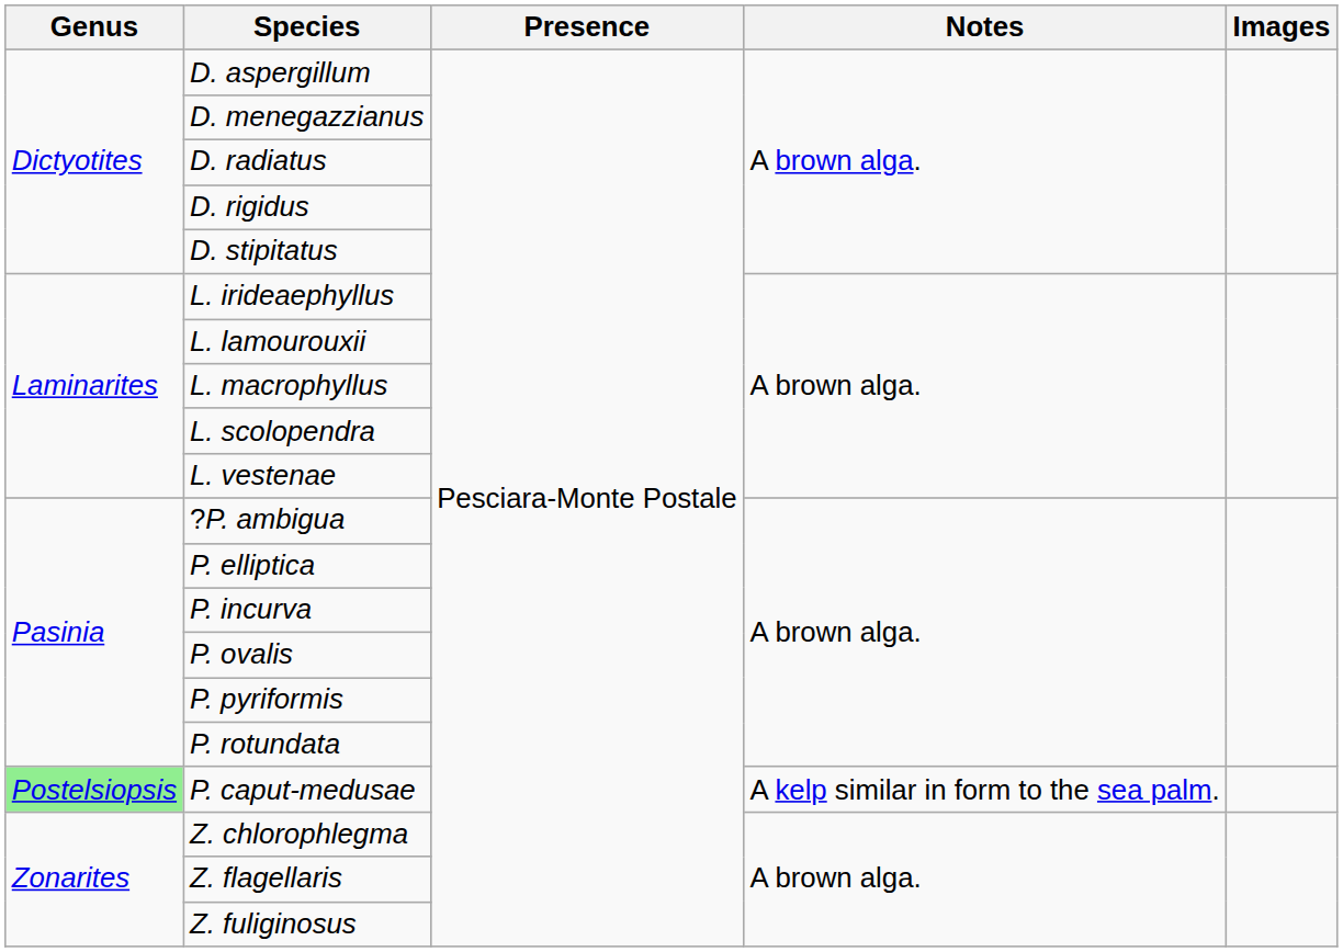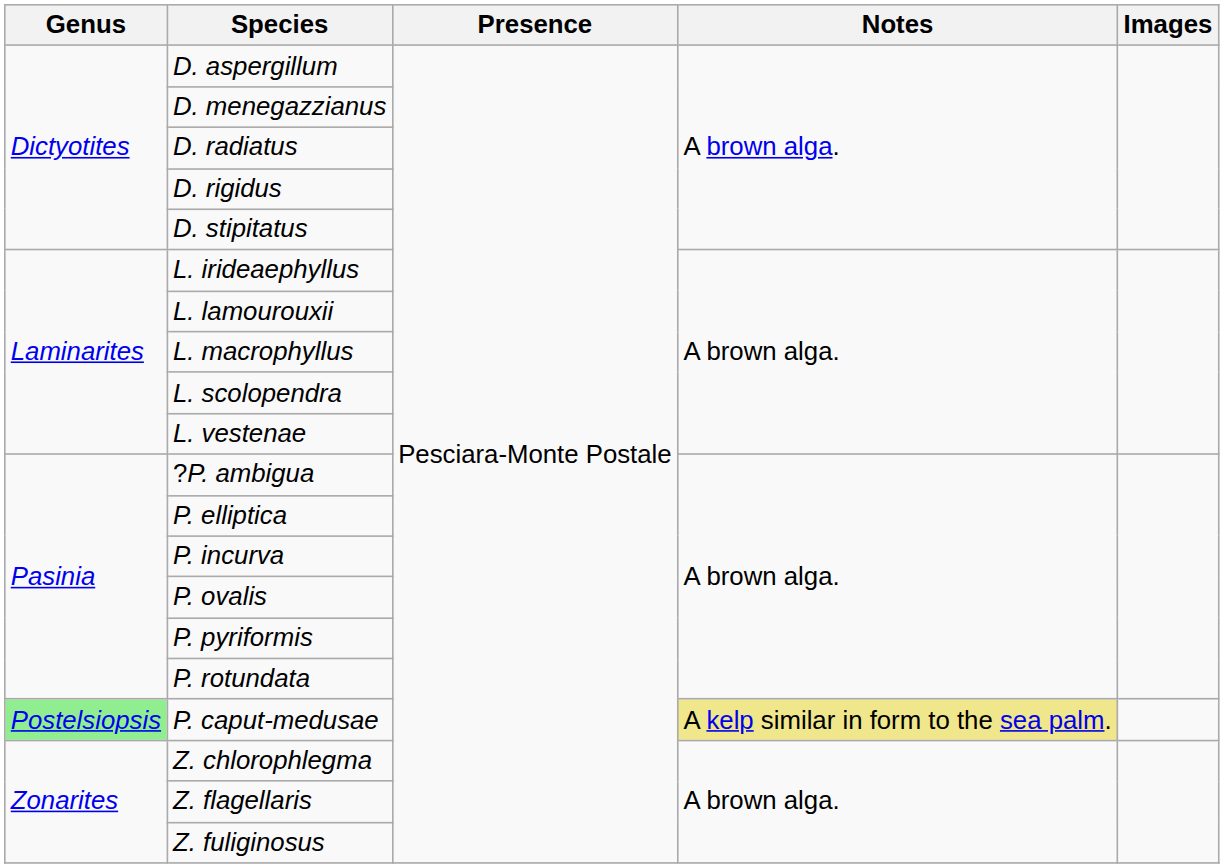 <table class="wikitable" align="center">
 <tr>
 <th>Genus</th>
 <th>Species</th>
 <th>Presence</th>
 <th>Notes</th>
 <th>Images</th>
 </tr>
 <tr>
 <td rowspan="5"><em><a href='#'>Dictyotites</a></em></td>
 <td><em>D. aspergillum</em></td>
 <td rowspan="20">Pesciara-Monte Postale</td>
 <td rowspan="5">A <a href='#'>brown alga</a>.</td>
 <td rowspan="5"></td>
 </tr>
 <tr>
 <td><em>D. menegazzianus</em></td>
 </tr>
 <tr>
 <td><em>D. radiatus</em></td>
 </tr>
 <tr>
 <td><em>D. rigidus</em></td>
 </tr>
 <tr>
 <td><em>D. stipitatus</em></td>
 </tr>
 <tr>
 <td rowspan="5"><em><a href='#'>Laminarites</a></em></td>
 <td><em>L. irideaephyllus</em></td>
 <td rowspan="5">A brown alga.</td>
 <td rowspan="5"></td>
 </tr>
 <tr>
 <td><em>L. lamourouxii</em></td>
 </tr>
 <tr>
 <td><em>L. macrophyllus</em></td>
 </tr>
 <tr>
 <td><em>L. scolopendra</em></td>
 </tr>
 <tr>
 <td><em>L. vestenae</em></td>
 </tr>
 <tr>
 <td rowspan="6"><em><a href='#'>Pasinia</a></em></td>
 <td>?<em>P. ambigua</em></td>
 <td rowspan="6">A brown alga.</td>
 <td rowspan="6"></td>
 </tr>
 <tr>
 <td><em>P. elliptica</em></td>
 </tr>
 <tr>
 <td><em>P. incurva</em></td>
 </tr>
 <tr>
 <td><em>P. ovalis</em></td>
 </tr>
 <tr>
 <td><em>P. pyriformis</em></td>
 </tr>
 <tr>
 <td><em>P. rotundata</em></td>
 </tr>
 <tr>
 <td style="background: lightgreen;"><em><a href='#'>Postelsiopsis</a></em></td>
 <td><em>P. caput-medusae</em></td>
-<td>A <a href='#'>kelp</a> similar in form to the <a href='#'>sea palm</a>.</td>
+<td style="background: khaki;">A <a href='#'>kelp</a> similar in form to the <a href='#'>sea palm</a>.</td>
 <td></td>
 </tr>
 <tr>
 <td rowspan="3"><em><a href='#'>Zonarites</a></em></td>
 <td><em>Z. chlorophlegma</em></td>
 <td rowspan="3">A brown alga.</td>
 <td rowspan="3"></td>
 </tr>
 <tr>
 <td><em>Z. flagellaris</em></td>
 </tr>
 <tr>
 <td><em>Z. fuliginosus</em></td>
 </tr>
 </table>
